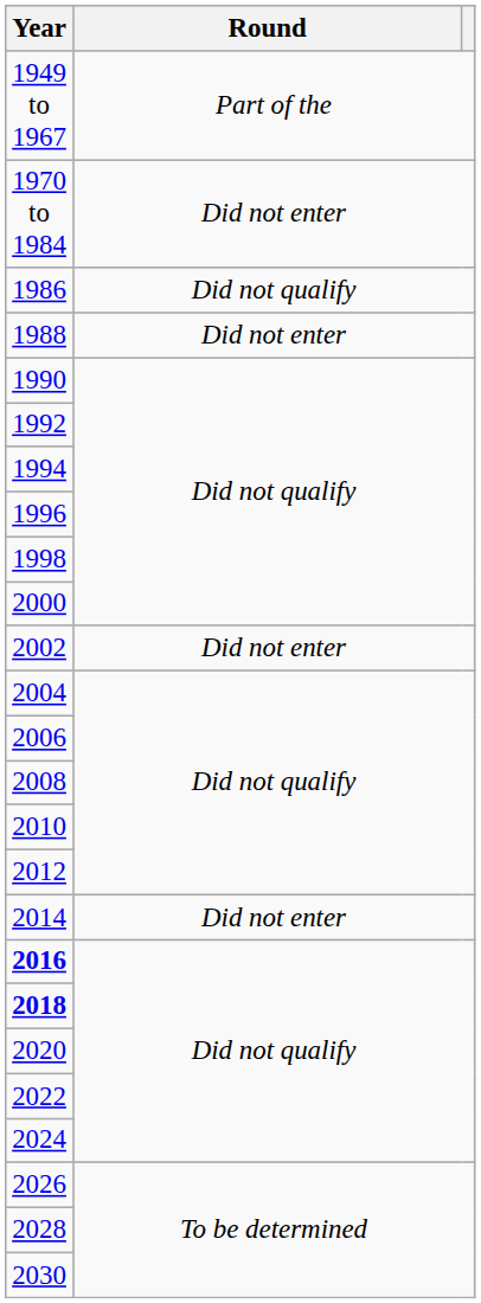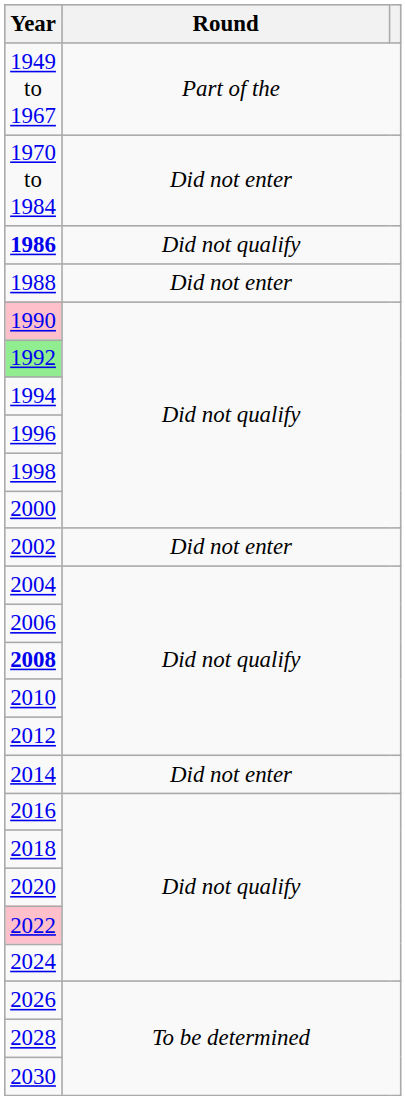 <table class="wikitable" style="text-align: center; font-size:90%">
 <tr>
 <th>Year</th>
 <th style="width:200px">Round</th>
 <th></th>
 </tr>
 <tr>
 <td><a href='#'>1949</a><br>to<br><a href='#'>1967</a></td>
 <td colspan="2"><em>Part of the </em></td>
 </tr>
 <tr>
 <td><a href='#'>1970</a><br>to<br><a href='#'>1984</a></td>
 <td colspan="2"><em>Did not enter</em></td>
 </tr>
 <tr>
-<td><a href='#'>1986</a></td>
+<td><strong><a href='#'>1986</a></strong></td>
 <td colspan="2"><em>Did not qualify</em></td>
 </tr>
 <tr>
 <td><a href='#'>1988</a></td>
 <td colspan="2"><em>Did not enter</em></td>
 </tr>
 <tr>
-<td><a href='#'>1990</a></td>
+<td style="background: pink;"><a href='#'>1990</a></td>
 <td colspan="2" rowspan="6"><em>Did not qualify</em></td>
 </tr>
 <tr>
-<td><a href='#'>1992</a></td>
+<td style="background: lightgreen;"><a href='#'>1992</a></td>
 </tr>
 <tr>
 <td><a href='#'>1994</a></td>
 </tr>
 <tr>
 <td><a href='#'>1996</a></td>
 </tr>
 <tr>
 <td><a href='#'>1998</a></td>
 </tr>
 <tr>
 <td><a href='#'>2000</a></td>
 </tr>
 <tr>
 <td><a href='#'>2002</a></td>
 <td colspan="2"><em>Did not enter</em></td>
 </tr>
 <tr>
 <td><a href='#'>2004</a></td>
 <td colspan="2" rowspan="5"><em>Did not qualify</em></td>
 </tr>
 <tr>
 <td><a href='#'>2006</a></td>
 </tr>
 <tr>
-<td><a href='#'>2008</a></td>
+<td><strong><a href='#'>2008</a></strong></td>
 </tr>
 <tr>
 <td><a href='#'>2010</a></td>
 </tr>
 <tr>
 <td><a href='#'>2012</a></td>
 </tr>
 <tr>
 <td><a href='#'>2014</a></td>
 <td colspan="2"><em>Did not enter</em></td>
 </tr>
 <tr>
-<td><strong><a href='#'>2016</a></strong></td>
+<td><a href='#'>2016</a></td>
 <td colspan="2" rowspan="5"><em>Did not qualify</em></td>
 </tr>
 <tr>
-<td><strong><a href='#'>2018</a></strong></td>
+<td><a href='#'>2018</a></td>
 </tr>
 <tr>
 <td><a href='#'>2020</a></td>
 </tr>
 <tr>
-<td><a href='#'>2022</a></td>
+<td style="background: pink;"><a href='#'>2022</a></td>
 </tr>
 <tr>
 <td><a href='#'>2024</a></td>
 </tr>
 <tr>
 <td><a href='#'>2026</a></td>
 <td colspan="2" rowspan="3"><em>To be determined</em></td>
 </tr>
 <tr>
 <td><a href='#'>2028</a></td>
 </tr>
 <tr>
 <td><a href='#'>2030</a></td>
 </tr>
 </table>
